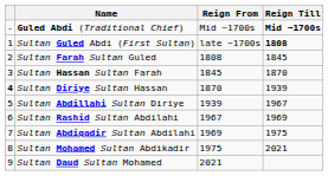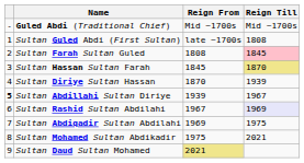 <table class="wikitable">
 <tr>
 <th></th>
 <th>Name</th>
 <th>Reign From</th>
 <th>Reign Till</th>
 </tr>
 <tr>
 <td>-</td>
 <td style="white-space:nowrap"><strong>Guled Abdi</strong> (<em>Traditional Chief</em>)</td>
 <td style="white-space:nowrap">Mid ~1700s</td>
-<td style="white-space:nowrap"><strong>Mid ~1700s</strong></td>
+<td style="white-space:nowrap">Mid ~1700s</td>
 </tr>
 <tr>
 <td>1</td>
 <td style="white-space:nowrap"><em>Sultan</em> <strong><a href='#'>Guled</a> </strong> Abdi (<em>First Sultan</em>)</td>
 <td style="white-space:nowrap">late ~1700s</td>
-<td style="white-space:nowrap"><strong>1808</strong></td>
+<td style="white-space:nowrap">1808</td>
 </tr>
 <tr>
 <td>2</td>
 <td style="white-space:nowrap"><em>Sultan</em> <strong><a href='#'>Farah</a></strong> <em>Sultan</em> Guled</td>
 <td style="white-space:nowrap">1808</td>
-<td style="white-space:nowrap">1845</td>
+<td style="background: pink; white-space:nowrap">1845</td>
 </tr>
 <tr>
 <td>3</td>
 <td style="white-space:nowrap"><em>Sultan</em> <strong>Hassan</strong> <em>Sultan</em> Farah</td>
 <td style="white-space:nowrap">1845</td>
-<td style="white-space:nowrap">1870</td>
+<td style="background: khaki; white-space:nowrap">1870</td>
 </tr>
 <tr>
-<td><strong>4</strong></td>
+<td>4</td>
 <td style="white-space:nowrap"><em>Sultan</em> <strong><a href='#'>Diriye</a></strong> <em>Sultan</em> Hassan</td>
 <td style="white-space:nowrap">1870</td>
 <td style="white-space:nowrap">1939</td>
 </tr>
 <tr>
-<td>5</td>
+<td><strong>5</strong></td>
 <td style="white-space:nowrap"><em>Sultan</em> <strong><a href='#'>Abdillahi</a></strong> <em>Sultan</em> Diriye</td>
 <td style="white-space:nowrap">1939</td>
 <td style="white-space:nowrap">1967</td>
 </tr>
 <tr>
 <td>6</td>
 <td style="white-space:nowrap"><em>Sultan</em> <strong><a href='#'>Rashid</a></strong> <em> Sultan</em> Abdilahi</td>
 <td style="white-space:nowrap">1967</td>
-<td style="white-space:nowrap">1969</td>
+<td style="background: lavender; white-space:nowrap">1969</td>
 </tr>
 <tr>
 <td>7</td>
 <td style="white-space:nowrap"><em>Sultan</em> <strong><a href='#'>Abdiqadir</a></strong> <em>Sultan</em> Abdilahi</td>
 <td style="white-space:nowrap">1969</td>
 <td style="white-space:nowrap">1975</td>
 </tr>
 <tr>
 <td>8</td>
 <td style="white-space:nowrap"><em>Sultan</em> <strong><a href='#'>Mohamed</a></strong> <em>Sultan</em> Abdikadir</td>
 <td style="white-space:nowrap">1975</td>
 <td style="white-space:nowrap">2021</td>
 </tr>
 <tr>
 <td>9</td>
 <td style="white-space:nowrap"><em>Sultan</em> <strong><a href='#'>Daud</a></strong> <em>Sultan</em> Mohamed</td>
-<td style="white-space:nowrap">2021</td>
+<td style="background: khaki; white-space:nowrap">2021</td>
 </tr>
 </table>
